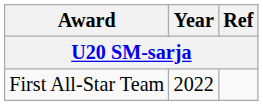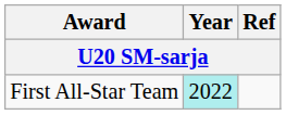 <table class="wikitable">
 <tr>
 <th>Award</th>
 <th>Year</th>
 <th>Ref</th>
 </tr>
 <tr>
 <th colspan="3"><a href='#'>U20 SM-sarja</a></th>
 </tr>
 <tr>
 <td>First All-Star Team</td>
-<td>2022</td>
+<td style="background: paleturquoise;">2022</td>
 <td></td>
 </tr>
 </table>
